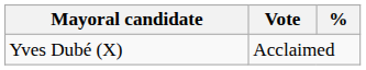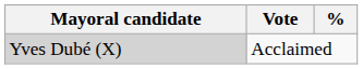 <table class="wikitable">
 <tr>
 <th bgcolor="#DDDDFF" width="200px">Mayoral candidate</th>
 <th bgcolor="#DDDDFF" width="50px">Vote</th>
 <th bgcolor="#DDDDFF"  width="30px">%</th>
 </tr>
 <tr>
-<td>Yves Dubé (X)</td>
+<td style="background: lightgrey;">Yves Dubé (X)</td>
 <td colspan="2">Acclaimed</td>
 </tr>
 </table>
